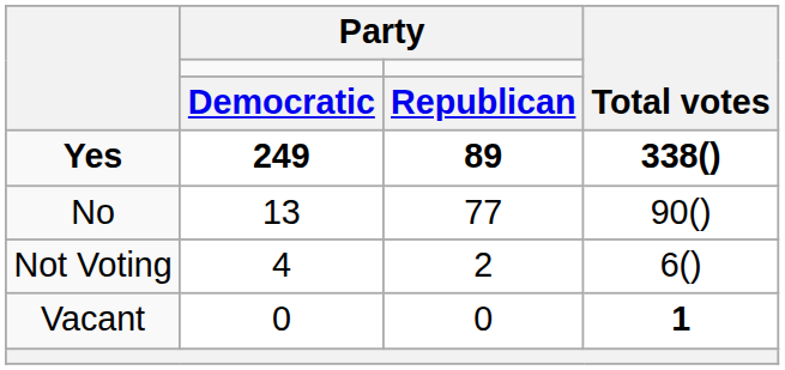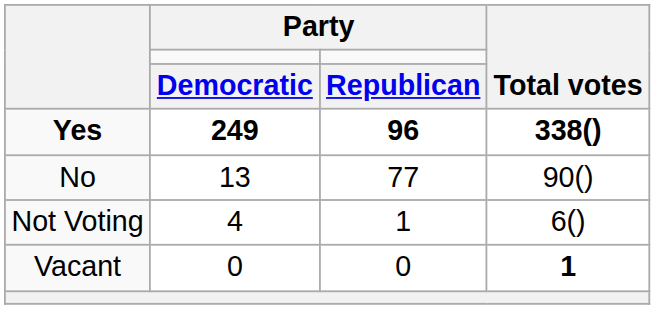 <table class=wikitable style="text-align:center">
 <tr style="vertical-align:bottom;">
 <th rowspan=3></th>
 <th colspan=2>Party</th>
 <th rowspan=3>Total votes</th>
 </tr>
 <tr style="height:5px">
 <td style="background-color:"></td>
 <td style="background-color:"></td>
 </tr>
 <tr style="vertical-align:bottom;">
 <th><a href='#'>Democratic</a></th>
 <th><a href='#'>Republican</a></th>
 </tr>
 <tr>
 <td><strong>Yes</strong></td>
 <td style="background:#fff;"><strong>249</strong></td>
-<td style="background:#fff;"><strong>89</strong></td>
+<td style="background:#fff;"><strong>96</strong></td>
 <td style="background:#fff;"><strong>338()</strong></td>
 </tr>
 <tr>
 <td>No</td>
 <td style="background:#fff;">13</td>
 <td style="background:#fff;">77</td>
 <td style="background:#fff;">90()</td>
 </tr>
 <tr>
 <td>Not Voting</td>
 <td style="background:#fff;">4</td>
-<td style="background:#fff;">2</td>
+<td style="background:#fff;">1</td>
 <td style="background:#fff;">6()</td>
 </tr>
 <tr>
 <td>Vacant</td>
 <td style="background:#fff;">0</td>
 <td style="background:#fff;">0</td>
 <td style="background:#fff;"><strong>1</strong></td>
 </tr>
 <tr>
 <th colspan=4 style="text-align:left;"></th>
 </tr>
 </table>
